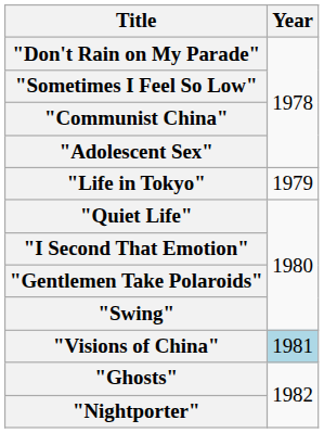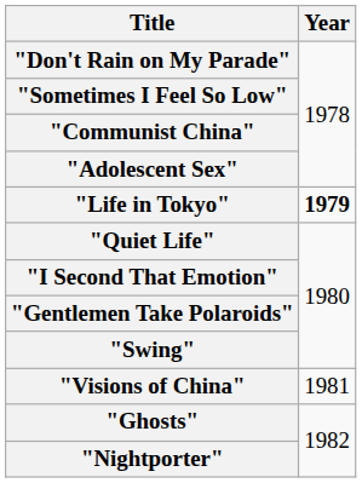 <table class="wikitable plainrowheaders" style="text-align:center;">
 <tr>
 <th scope="col">Title</th>
 <th scope="col">Year</th>
 </tr>
 <tr>
 <th scope="row">"Don't Rain on My Parade"</th>
 <td rowspan="4">1978</td>
 </tr>
 <tr>
 <th scope="row">"Sometimes I Feel So Low"</th>
 </tr>
 <tr>
 <th scope="row">"Communist China"</th>
 </tr>
 <tr>
 <th scope="row">"Adolescent Sex"</th>
 </tr>
 <tr>
 <th scope="row">"Life in Tokyo"</th>
-<td>1979</td>
+<td><strong>1979</strong></td>
 </tr>
 <tr>
 <th scope="row">"Quiet Life"</th>
 <td rowspan="4">1980</td>
 </tr>
 <tr>
 <th scope="row">"I Second That Emotion"</th>
 </tr>
 <tr>
 <th scope="row">"Gentlemen Take Polaroids"</th>
 </tr>
 <tr>
 <th scope="row">"Swing"</th>
 </tr>
 <tr>
 <th scope="row">"Visions of China"</th>
-<td style="background: lightblue;">1981</td>
+<td>1981</td>
 </tr>
 <tr>
 <th scope="row">"Ghosts"</th>
 <td rowspan="2">1982</td>
 </tr>
 <tr>
 <th scope="row">"Nightporter"</th>
 </tr>
 </table>
